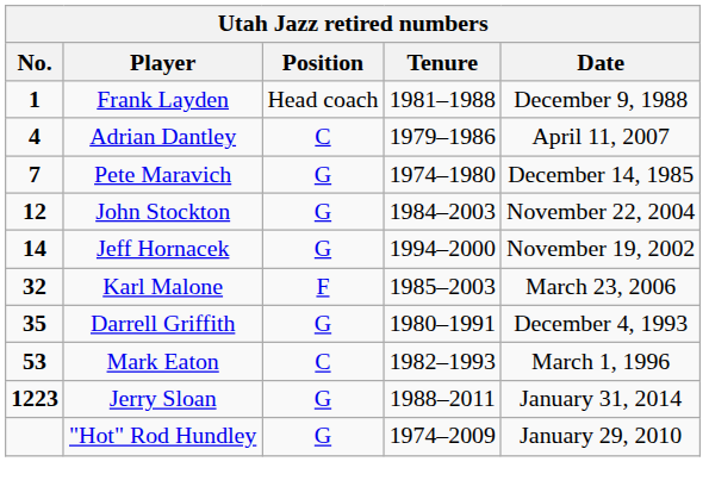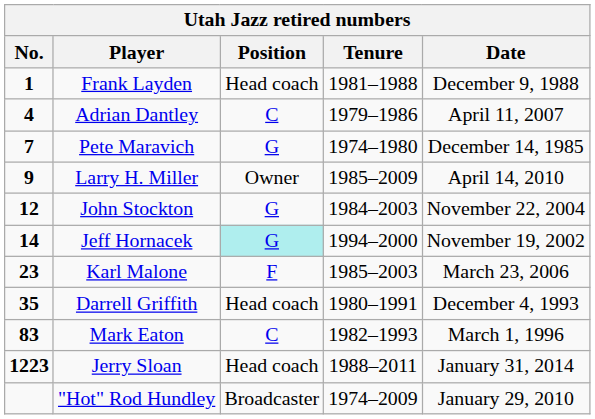 <table class="wikitable" style="text-align:center">
 <tr>
 <th colspan="5">Utah Jazz retired numbers</th>
 </tr>
 <tr>
 <th>No.</th>
 <th>Player</th>
 <th>Position</th>
 <th>Tenure</th>
 <th>Date</th>
 </tr>
 <tr>
 <td><strong>1</strong></td>
 <td><a href='#'>Frank Layden</a></td>
 <td>Head coach</td>
 <td>1981–1988</td>
 <td>December 9, 1988</td>
 </tr>
 <tr>
 <td><strong>4</strong></td>
 <td><a href='#'>Adrian Dantley</a></td>
 <td><a href='#'>C</a></td>
 <td>1979–1986</td>
 <td>April 11, 2007</td>
 </tr>
 <tr>
 <td><strong>7</strong></td>
 <td><a href='#'>Pete Maravich</a></td>
 <td><a href='#'>G</a></td>
 <td>1974–1980</td>
 <td>December 14, 1985</td>
 </tr>
 <tr>
+<td><strong>9</strong></td>
+<td><a href='#'>Larry H. Miller</a></td>
+<td>Owner</td>
+<td>1985–2009</td>
+<td>April 14, 2010</td>
+</tr>
+<tr>
 <td><strong>12</strong></td>
 <td><a href='#'>John Stockton</a></td>
 <td><a href='#'>G</a></td>
 <td>1984–2003</td>
 <td>November 22, 2004</td>
 </tr>
 <tr>
 <td><strong>14</strong></td>
 <td><a href='#'>Jeff Hornacek</a></td>
-<td><a href='#'>G</a></td>
+<td style="background: paleturquoise;"><a href='#'>G</a></td>
 <td>1994–2000</td>
 <td>November 19, 2002</td>
 </tr>
 <tr>
-<td><strong>32</strong></td>
+<td><strong>23</strong></td>
 <td><a href='#'>Karl Malone</a></td>
 <td><a href='#'>F</a></td>
 <td>1985–2003</td>
 <td>March 23, 2006</td>
 </tr>
 <tr>
 <td><strong>35</strong></td>
 <td><a href='#'>Darrell Griffith</a></td>
-<td><a href='#'>G</a></td>
+<td>Head coach</td>
 <td>1980–1991</td>
 <td>December 4, 1993</td>
 </tr>
 <tr>
-<td><strong>53</strong></td>
+<td><strong>83</strong></td>
 <td><a href='#'>Mark Eaton</a></td>
 <td><a href='#'>C</a></td>
 <td>1982–1993</td>
 <td>March 1, 1996</td>
 </tr>
 <tr>
 <td><strong>1223</strong></td>
 <td><a href='#'>Jerry Sloan</a></td>
-<td><a href='#'>G</a></td>
+<td>Head coach</td>
 <td>1988–2011</td>
 <td>January 31, 2014</td>
 </tr>
 <tr>
 <td></td>
 <td><a href='#'>"Hot" Rod Hundley</a></td>
-<td><a href='#'>G</a></td>
+<td>Broadcaster</td>
 <td>1974–2009</td>
 <td>January 29, 2010</td>
 </tr>
 </table>
